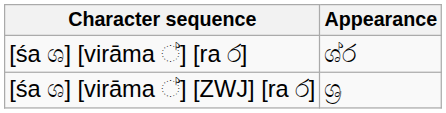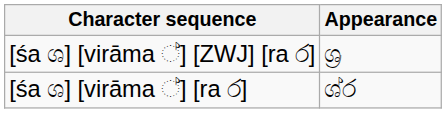 <table class="wikitable">
 <tr>
 <th>Character sequence</th>
 <th>Appearance</th>
 </tr>
 <tr>
+<td><big>[śa ශ] [virāma  ්] [ZWJ] [ra ර]</big></td>
+<td><big>ශ්‍ර</big></td>
+</tr>
+<tr>
 <td><big>[śa ශ] [virāma  ්] [ra ර]</big></td>
 <td><big>ශ්ර</big></td>
 </tr>
-<tr>
-<td><big>[śa ශ] [virāma  ්] [ZWJ] [ra ර]</big></td>
-<td><big>ශ්‍ර</big></td>
-</tr>
 </table>
